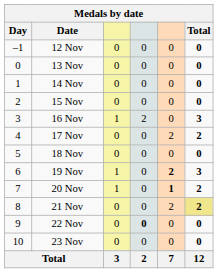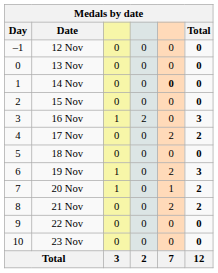 <table class="wikitable" style="font-size:90%; text-align:center;">
 <tr style="background:#efefef;">
 <th colspan=6><strong>Medals by date</strong></th>
 </tr>
 <tr>
 <th width=30><strong>Day</strong></th>
 <th width=90><strong>Date</strong></th>
 <th width=30 style="background:#F7F6A8;"></th>
 <th width=30 style="background:#DCE5E5;"></th>
 <th width=30 style="background:#FFDAB9;"></th>
 <th width=30><strong>Total</strong></th>
 </tr>
 <tr>
 <td>–1</td>
 <td>12 Nov</td>
 <td style="background:#F7F6A8;">0</td>
 <td style="background:#DCE5E5;">0</td>
 <td style="background:#FFDAB9;">0</td>
 <td><strong>0</strong></td>
 </tr>
 <tr>
 <td>0</td>
 <td>13 Nov</td>
 <td style="background:#F7F6A8;">0</td>
 <td style="background:#DCE5E5;">0</td>
 <td style="background:#FFDAB9;">0</td>
 <td><strong>0</strong></td>
 </tr>
 <tr>
 <td>1</td>
 <td>14 Nov</td>
 <td style="background:#F7F6A8;">0</td>
 <td style="background:#DCE5E5;">0</td>
-<td style="background:#FFDAB9;">0</td>
+<td style="background:#FFDAB9;"><strong>0</strong></td>
 <td><strong>0</strong></td>
 </tr>
 <tr>
 <td>2</td>
 <td>15 Nov</td>
 <td style="background:#F7F6A8;">0</td>
 <td style="background:#DCE5E5;">0</td>
 <td style="background:#FFDAB9;">0</td>
 <td><strong>0</strong></td>
 </tr>
 <tr>
 <td>3</td>
 <td>16 Nov</td>
 <td style="background:#F7F6A8;">1</td>
 <td style="background:#DCE5E5;">2</td>
 <td style="background:#FFDAB9;">0</td>
 <td><strong>3</strong></td>
 </tr>
 <tr>
 <td>4</td>
 <td>17 Nov</td>
 <td style="background:#F7F6A8;">0</td>
 <td style="background:#DCE5E5;">0</td>
 <td style="background:#FFDAB9;">2</td>
 <td><strong>2</strong></td>
 </tr>
 <tr>
 <td>5</td>
 <td>18 Nov</td>
 <td style="background:#F7F6A8;">0</td>
 <td style="background:#DCE5E5;">0</td>
 <td style="background:#FFDAB9;">0</td>
 <td><strong>0</strong></td>
 </tr>
 <tr>
 <td>6</td>
 <td>19 Nov</td>
 <td style="background:#F7F6A8;">1</td>
 <td style="background:#DCE5E5;">0</td>
-<td style="background:#FFDAB9;"><strong>2</strong></td>
+<td style="background:#FFDAB9;">2</td>
 <td><strong>3</strong></td>
 </tr>
 <tr>
 <td>7</td>
 <td>20 Nov</td>
 <td style="background:#F7F6A8;">1</td>
 <td style="background:#DCE5E5;">0</td>
-<td style="background:#FFDAB9;"><strong>1</strong></td>
+<td style="background:#FFDAB9;">1</td>
 <td><strong>2</strong></td>
 </tr>
 <tr>
 <td>8</td>
 <td>21 Nov</td>
 <td style="background:#F7F6A8;">0</td>
 <td style="background:#DCE5E5;">0</td>
 <td style="background:#FFDAB9;">2</td>
-<td style="background: khaki;"><strong>2</strong></td>
+<td><strong>2</strong></td>
 </tr>
 <tr>
 <td>9</td>
 <td>22 Nov</td>
 <td style="background:#F7F6A8;">0</td>
-<td style="background:#DCE5E5;"><strong>0</strong></td>
+<td style="background:#DCE5E5;">0</td>
 <td style="background:#FFDAB9;">0</td>
 <td><strong>0</strong></td>
 </tr>
 <tr>
 <td>10</td>
 <td>23 Nov</td>
 <td style="background:#F7F6A8;">0</td>
 <td style="background:#DCE5E5;">0</td>
 <td style="background:#FFDAB9;">0</td>
 <td><strong>0</strong></td>
 </tr>
 <tr>
 <th colspan="2"><strong>Total</strong></th>
 <th><strong>3</strong></th>
 <th><strong>2</strong></th>
 <th><strong>7</strong></th>
 <th><strong>12</strong></th>
 </tr>
 </table>
